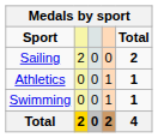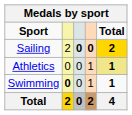 <table class="wikitable" style="font-size:85%; float:right;">
 <tr style="background:#efefef;">
 <th colspan=7><strong>Medals by sport</strong></th>
 </tr>
 <tr align=center>
 <td><strong>Sport</strong></td>
 <td bgcolor=#f7f6a8></td>
 <td bgcolor=#dce5e5></td>
 <td bgcolor=#ffdab9></td>
 <td><strong>Total</strong></td>
 </tr>
 <tr align=center>
 <td><a href='#'>Sailing</a></td>
 <td style="background:#F7F6A8;">2</td>
-<td style="background:#DCE5E5;">0</td>
-<td style="background:#FFDAB9;">0</td>
-<td><strong>2</strong></td>
+<td style="background:#DCE5E5;"><strong>0</strong></td>
+<td style="background:#FFDAB9;"><strong>0</strong></td>
+<td style="background: gold;"><strong>2</strong></td>
 </tr>
 <tr align=center>
 <td><a href='#'>Athletics</a></td>
 <td style="background:#F7F6A8;">0</td>
 <td style="background:#DCE5E5;">0</td>
 <td style="background:#FFDAB9;">1</td>
-<td><strong>1</strong></td>
+<td style="background: khaki;"><strong>1</strong></td>
 </tr>
 <tr align=center>
 <td><a href='#'>Swimming</a></td>
-<td style="background:#F7F6A8;">0</td>
+<td style="background:#F7F6A8;"><strong>0</strong></td>
 <td style="background:#DCE5E5;">0</td>
 <td style="background:#FFDAB9;">1</td>
 <td><strong>1</strong></td>
 </tr>
 <tr align=center>
 <th><strong>Total</strong></th>
 <th style="background:gold;"><strong>2</strong></th>
 <th style="background:silver;"><strong>0</strong></th>
 <th style="background:#c96;"><strong>2</strong></th>
 <th><strong>4</strong></th>
 </tr>
 </table>
